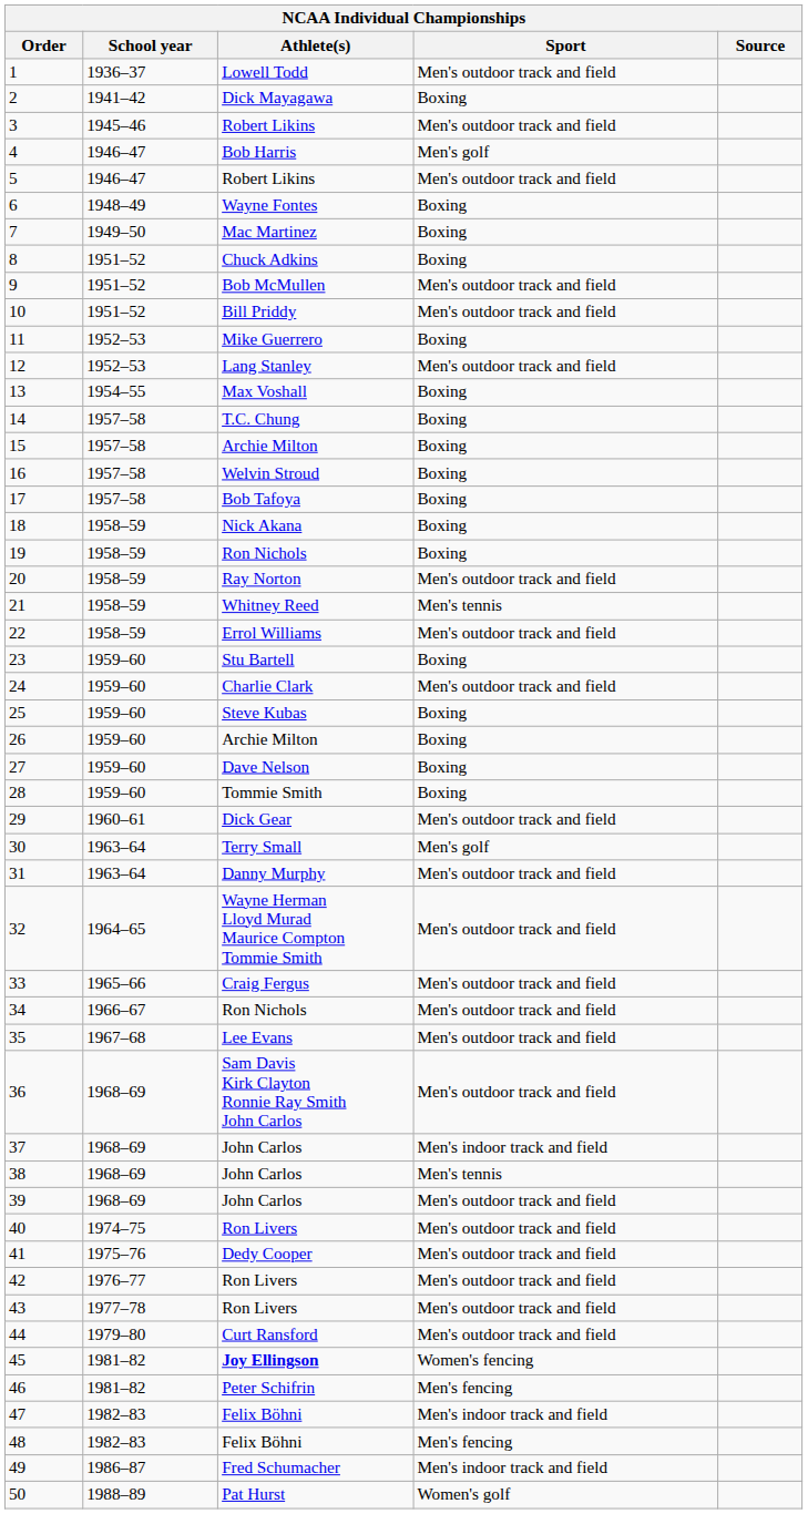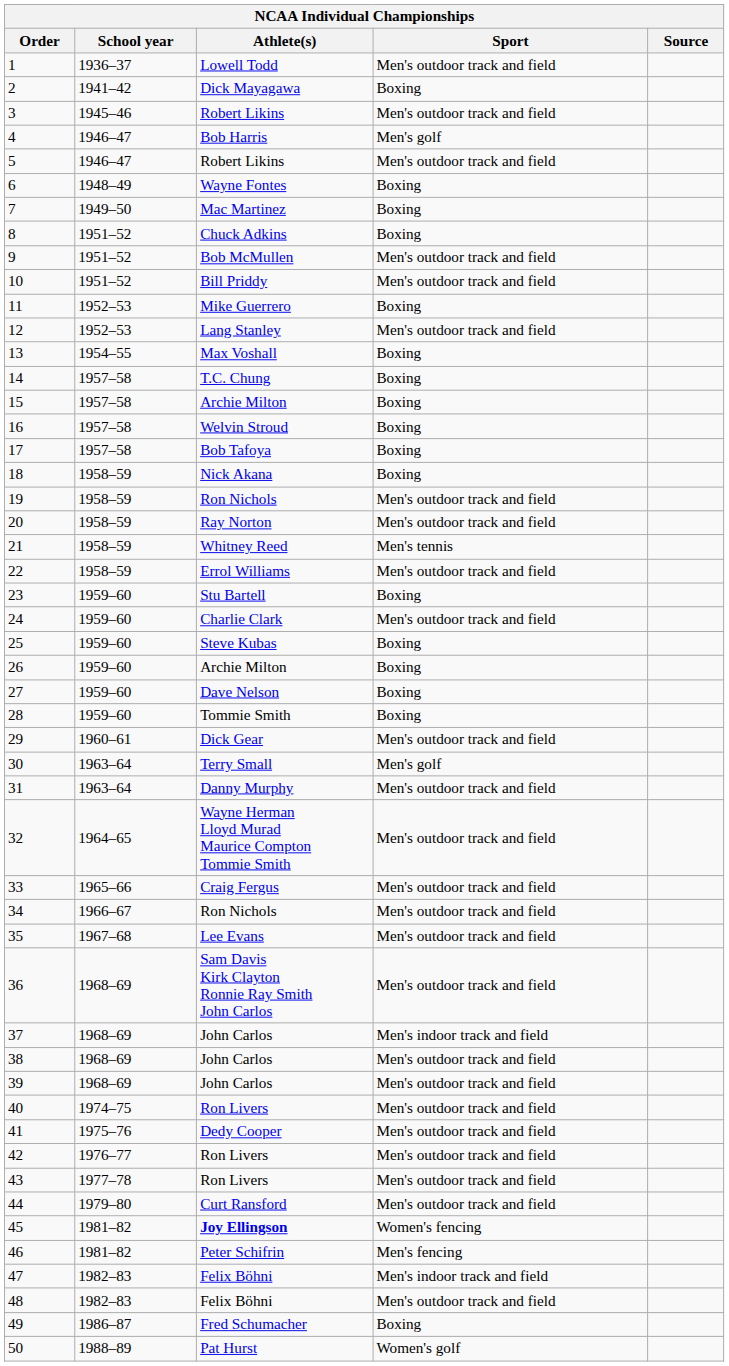 <table class="wikitable sortable mw-collapsible mw-collapsed" width="60%">
 <tr align="center">
 <th colspan=5>NCAA Individual Championships</th>
 </tr>
 <tr>
 <th>Order</th>
 <th>School year</th>
 <th>Athlete(s)</th>
 <th>Sport</th>
 <th>Source</th>
 </tr>
 <tr align="left" bgcolor="">
 <td>1</td>
 <td>1936–37</td>
 <td><a href='#'>Lowell Todd</a></td>
 <td>Men's outdoor track and field</td>
 <td></td>
 </tr>
 <tr align="left" bgcolor="">
 <td>2</td>
 <td>1941–42</td>
 <td><a href='#'>Dick Mayagawa</a></td>
 <td>Boxing</td>
 <td></td>
 </tr>
 <tr align="left" bgcolor="">
 <td>3</td>
 <td>1945–46</td>
 <td><a href='#'>Robert Likins</a></td>
 <td>Men's outdoor track and field</td>
 <td></td>
 </tr>
 <tr align="left" bgcolor="">
 <td>4</td>
 <td>1946–47</td>
 <td><a href='#'>Bob Harris</a></td>
 <td>Men's golf</td>
 <td></td>
 </tr>
 <tr align="left" bgcolor="">
 <td>5</td>
 <td>1946–47</td>
 <td>Robert Likins</td>
 <td>Men's outdoor track and field</td>
 <td></td>
 </tr>
 <tr align="left" bgcolor="">
 <td>6</td>
 <td>1948–49</td>
 <td><a href='#'>Wayne Fontes</a></td>
 <td>Boxing</td>
 <td></td>
 </tr>
 <tr align="left" bgcolor="">
 <td>7</td>
 <td>1949–50</td>
 <td><a href='#'>Mac Martinez</a></td>
 <td>Boxing</td>
 <td></td>
 </tr>
 <tr align="left" bgcolor="">
 <td>8</td>
 <td>1951–52</td>
 <td><a href='#'>Chuck Adkins</a></td>
 <td>Boxing</td>
 <td></td>
 </tr>
 <tr align="left" bgcolor="">
 <td>9</td>
 <td>1951–52</td>
 <td><a href='#'>Bob McMullen</a></td>
 <td>Men's outdoor track and field</td>
 <td></td>
 </tr>
 <tr align="left" bgcolor="">
 <td>10</td>
 <td>1951–52</td>
 <td><a href='#'>Bill Priddy</a></td>
 <td>Men's outdoor track and field</td>
 <td></td>
 </tr>
 <tr align="left" bgcolor="">
 <td>11</td>
 <td>1952–53</td>
 <td><a href='#'>Mike Guerrero</a></td>
 <td>Boxing</td>
 <td></td>
 </tr>
 <tr align="left" bgcolor="">
 <td>12</td>
 <td>1952–53</td>
 <td><a href='#'>Lang Stanley</a></td>
 <td>Men's outdoor track and field</td>
 <td></td>
 </tr>
 <tr align="left" bgcolor="">
 <td>13</td>
 <td>1954–55</td>
 <td><a href='#'>Max Voshall</a></td>
 <td>Boxing</td>
 <td></td>
 </tr>
 <tr align="left" bgcolor="">
 <td>14</td>
 <td>1957–58</td>
 <td><a href='#'>T.C. Chung</a></td>
 <td>Boxing</td>
 <td></td>
 </tr>
 <tr align="left" bgcolor="">
 <td>15</td>
 <td>1957–58</td>
 <td><a href='#'>Archie Milton</a></td>
 <td>Boxing</td>
 <td></td>
 </tr>
 <tr align="left" bgcolor="">
 <td>16</td>
 <td>1957–58</td>
 <td><a href='#'>Welvin Stroud</a></td>
 <td>Boxing</td>
 <td></td>
 </tr>
 <tr align="left" bgcolor="">
 <td>17</td>
 <td>1957–58</td>
 <td><a href='#'>Bob Tafoya</a></td>
 <td>Boxing</td>
 <td></td>
 </tr>
 <tr align="left" bgcolor="">
 <td>18</td>
 <td>1958–59</td>
 <td><a href='#'>Nick Akana</a></td>
 <td>Boxing</td>
 <td></td>
 </tr>
 <tr align="left" bgcolor="">
 <td>19</td>
 <td>1958–59</td>
 <td><a href='#'>Ron Nichols</a></td>
-<td>Boxing</td>
+<td>Men's outdoor track and field</td>
 <td></td>
 </tr>
 <tr align="left" bgcolor="">
 <td>20</td>
 <td>1958–59</td>
 <td><a href='#'>Ray Norton</a></td>
 <td>Men's outdoor track and field</td>
 <td></td>
 </tr>
 <tr align="left" bgcolor="">
 <td>21</td>
 <td>1958–59</td>
 <td><a href='#'>Whitney Reed</a></td>
 <td>Men's tennis</td>
 <td></td>
 </tr>
 <tr align="left" bgcolor="">
 <td>22</td>
 <td>1958–59</td>
 <td><a href='#'>Errol Williams</a></td>
 <td>Men's outdoor track and field</td>
 <td></td>
 </tr>
 <tr align="left" bgcolor="">
 <td>23</td>
 <td>1959–60</td>
 <td><a href='#'>Stu Bartell</a></td>
 <td>Boxing</td>
 <td></td>
 </tr>
 <tr align="left" bgcolor="">
 <td>24</td>
 <td>1959–60</td>
 <td><a href='#'>Charlie Clark</a></td>
 <td>Men's outdoor track and field</td>
 <td></td>
 </tr>
 <tr align="left" bgcolor="">
 <td>25</td>
 <td>1959–60</td>
 <td><a href='#'>Steve Kubas</a></td>
 <td>Boxing</td>
 <td></td>
 </tr>
 <tr align="left" bgcolor="">
 <td>26</td>
 <td>1959–60</td>
 <td>Archie Milton</td>
 <td>Boxing</td>
 <td></td>
 </tr>
 <tr align="left" bgcolor="">
 <td>27</td>
 <td>1959–60</td>
 <td><a href='#'>Dave Nelson</a></td>
 <td>Boxing</td>
 <td></td>
 </tr>
 <tr align="left" bgcolor="">
 <td>28</td>
 <td>1959–60</td>
 <td>Tommie Smith</td>
 <td>Boxing</td>
 <td></td>
 </tr>
 <tr align="left" bgcolor="">
 <td>29</td>
 <td>1960–61</td>
 <td><a href='#'>Dick Gear</a></td>
 <td>Men's outdoor track and field</td>
 <td></td>
 </tr>
 <tr align="left" bgcolor="">
 <td>30</td>
 <td>1963–64</td>
 <td><a href='#'>Terry Small</a></td>
 <td>Men's golf</td>
 <td></td>
 </tr>
 <tr align="left" bgcolor="">
 <td>31</td>
 <td>1963–64</td>
 <td><a href='#'>Danny Murphy</a></td>
 <td>Men's outdoor track and field</td>
 <td></td>
 </tr>
 <tr align="left" bgcolor="">
 <td>32</td>
 <td>1964–65</td>
 <td><a href='#'>Wayne Herman</a><br><a href='#'>Lloyd Murad</a><br><a href='#'>Maurice Compton</a><br><a href='#'>Tommie Smith</a></td>
 <td>Men's outdoor track and field</td>
 <td></td>
 </tr>
 <tr align="left" bgcolor="">
 <td>33</td>
 <td>1965–66</td>
 <td><a href='#'>Craig Fergus</a></td>
 <td>Men's outdoor track and field</td>
 <td></td>
 </tr>
 <tr align="left" bgcolor="">
 <td>34</td>
 <td>1966–67</td>
 <td>Ron Nichols</td>
 <td>Men's outdoor track and field</td>
 <td></td>
 </tr>
 <tr align="left" bgcolor="">
 <td>35</td>
 <td>1967–68</td>
 <td><a href='#'>Lee Evans</a></td>
 <td>Men's outdoor track and field</td>
 <td></td>
 </tr>
 <tr align="left" bgcolor="">
 <td>36</td>
 <td>1968–69</td>
 <td><a href='#'>Sam Davis</a><br><a href='#'>Kirk Clayton</a><br><a href='#'>Ronnie Ray Smith</a><br><a href='#'>John Carlos</a></td>
 <td>Men's outdoor track and field</td>
 <td></td>
 </tr>
 <tr align="left" bgcolor="">
 <td>37</td>
 <td>1968–69</td>
 <td>John Carlos</td>
 <td>Men's indoor track and field</td>
 <td></td>
 </tr>
 <tr align="left" bgcolor="">
 <td>38</td>
 <td>1968–69</td>
 <td>John Carlos</td>
-<td>Men's tennis</td>
+<td>Men's outdoor track and field</td>
 <td></td>
 </tr>
 <tr align="v" bgcolor="">
 <td>39</td>
 <td>1968–69</td>
 <td>John Carlos</td>
 <td>Men's outdoor track and field</td>
 <td></td>
 </tr>
 <tr align="left" bgcolor="">
 <td>40</td>
 <td>1974–75</td>
 <td><a href='#'>Ron Livers</a></td>
 <td>Men's outdoor track and field</td>
 <td></td>
 </tr>
 <tr align="left" bgcolor="">
 <td>41</td>
 <td>1975–76</td>
 <td><a href='#'>Dedy Cooper</a></td>
 <td>Men's outdoor track and field</td>
 <td></td>
 </tr>
 <tr align="left" bgcolor="">
 <td>42</td>
 <td>1976–77</td>
 <td>Ron Livers</td>
 <td>Men's outdoor track and field</td>
 <td></td>
 </tr>
 <tr align="left" bgcolor="">
 <td>43</td>
 <td>1977–78</td>
 <td>Ron Livers</td>
 <td>Men's outdoor track and field</td>
 <td></td>
 </tr>
 <tr align="left" bgcolor="">
 <td>44</td>
 <td>1979–80</td>
 <td><a href='#'>Curt Ransford</a></td>
 <td>Men's outdoor track and field</td>
 <td></td>
 </tr>
 <tr align="left" bgcolor="">
 <td>45</td>
 <td>1981–82</td>
 <td><strong><a href='#'>Joy Ellingson</a></strong></td>
 <td>Women's fencing</td>
 <td></td>
 </tr>
 <tr align="left" bgcolor="">
 <td>46</td>
 <td>1981–82</td>
 <td><a href='#'>Peter Schifrin</a></td>
 <td>Men's fencing</td>
 <td></td>
 </tr>
 <tr align="left" bgcolor="">
 <td>47</td>
 <td>1982–83</td>
 <td><a href='#'>Felix Böhni</a></td>
 <td>Men's indoor track and field</td>
 <td></td>
 </tr>
 <tr align="left" bgcolor="">
 <td>48</td>
 <td>1982–83</td>
 <td>Felix Böhni</td>
-<td>Men's fencing</td>
+<td>Men's outdoor track and field</td>
 <td></td>
 </tr>
 <tr align="left" bgcolor="">
 <td>49</td>
 <td>1986–87</td>
 <td><a href='#'>Fred Schumacher</a></td>
-<td>Men's indoor track and field</td>
+<td>Boxing</td>
 <td></td>
 </tr>
 <tr align="left" bgcolor="">
 <td>50</td>
 <td>1988–89</td>
 <td><a href='#'>Pat Hurst</a></td>
 <td>Women's golf</td>
 <td></td>
 </tr>
 </table>
